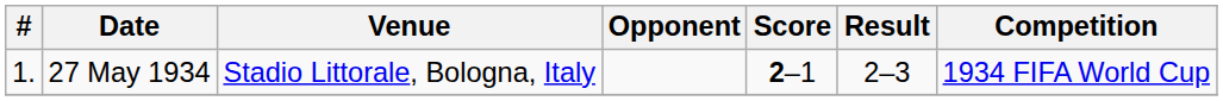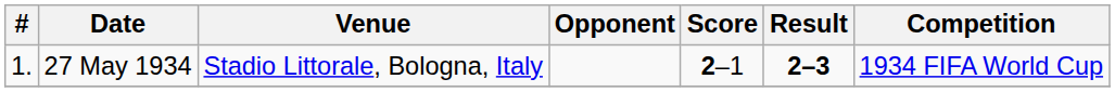 <table class="wikitable sortable" style="font-size:100%">
 <tr>
 <th>#</th>
 <th>Date</th>
 <th>Venue</th>
 <th>Opponent</th>
 <th>Score</th>
 <th>Result</th>
 <th>Competition</th>
 </tr>
 <tr>
 <td align=center>1.</td>
 <td>27 May 1934</td>
 <td><a href='#'>Stadio Littorale</a>, Bologna, <a href='#'>Italy</a></td>
 <td></td>
 <td align=center><strong>2</strong>–1</td>
-<td align=center>2–3</td>
+<td align=center><strong>2–3</strong></td>
 <td><a href='#'>1934 FIFA World Cup</a></td>
 </tr>
 <tr>
 </tr>
 </table>
